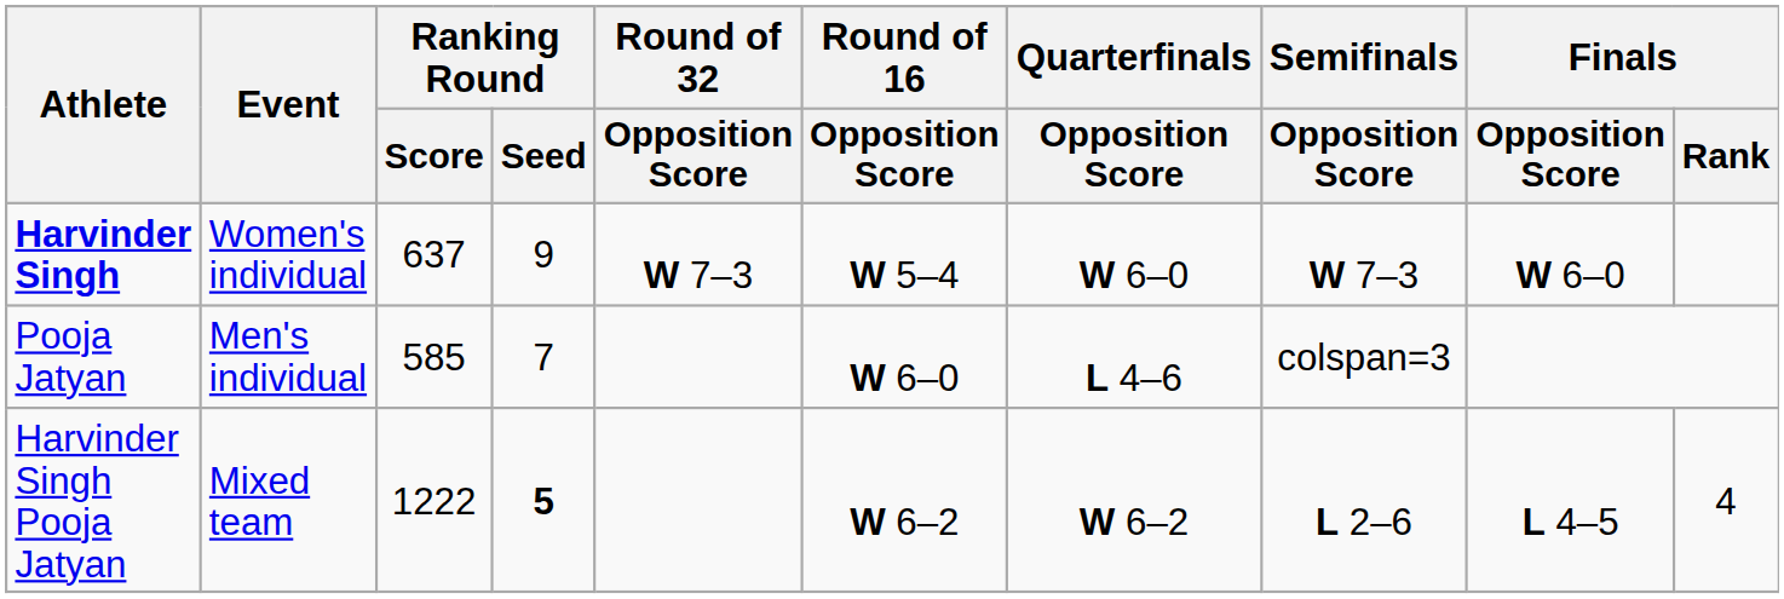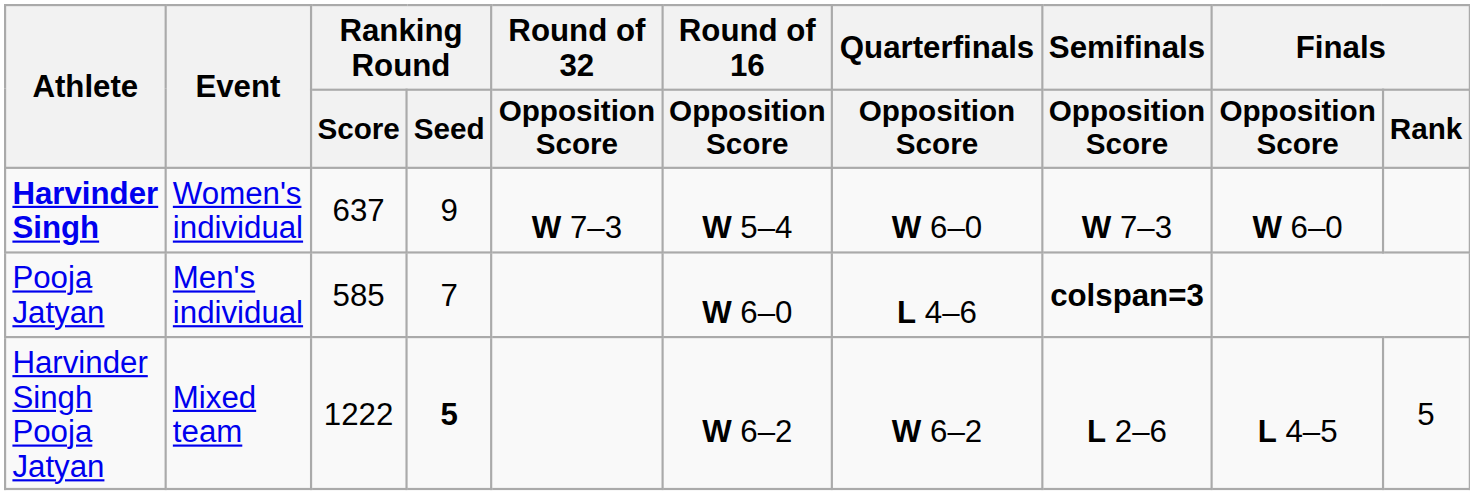 <table class="wikitable" style="text-align: center; font-size:90%">
 <tr>
 <th rowspan="2">Athlete</th>
 <th rowspan="2">Event</th>
 <th colspan="2">Ranking Round</th>
 <th>Round of 32</th>
 <th>Round of 16</th>
 <th>Quarterfinals</th>
 <th>Semifinals</th>
 <th colspan="2">Finals</th>
 </tr>
 <tr style="font-size:95%">
 <th>Score</th>
 <th>Seed</th>
 <th>Opposition<br>Score</th>
 <th>Opposition<br>Score</th>
 <th>Opposition<br>Score</th>
 <th>Opposition<br>Score</th>
 <th>Opposition<br>Score</th>
 <th>Rank</th>
 </tr>
 <tr>
 <td align=left><strong><a href='#'>Harvinder Singh</a></strong></td>
 <td align=left><a href='#'>Women's individual</a></td>
 <td>637</td>
 <td>9</td>
 <td> <br> <strong>W</strong> 7–3</td>
 <td> <br> <strong>W</strong> 5–4</td>
 <td><br> <strong>W</strong> 6–0</td>
 <td> <br> <strong>W</strong> 7–3</td>
 <td> <br> <strong>W</strong> 6–0</td>
 <td></td>
 </tr>
 <tr>
 <td align=left><a href='#'>Pooja Jatyan</a></td>
 <td align=left><a href='#'>Men's individual</a></td>
 <td>585</td>
 <td>7</td>
 <td></td>
 <td><br> <strong>W</strong> 6–0</td>
 <td><br> <strong>L</strong> 4–6</td>
-<td>colspan=3 </td>
+<td><strong>colspan=3 </strong></td>
 </tr>
 <tr>
 <td align=left><a href='#'>Harvinder Singh</a> <br> <a href='#'>Pooja Jatyan</a></td>
 <td align=left><a href='#'>Mixed team</a></td>
 <td>1222</td>
 <td><strong>5</strong></td>
 <td></td>
 <td> <br> <strong>W</strong> 6–2</td>
 <td> <br> <strong>W</strong> 6–2</td>
 <td> <br> <strong>L</strong> 2–6</td>
 <td> <br> <strong>L</strong> 4–5</td>
-<td>4</td>
+<td>5</td>
 </tr>
 </table>
